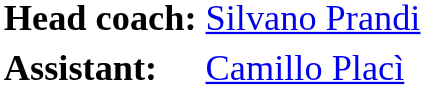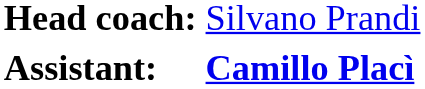 <table>
 <tr>
 <td><strong>Head coach:</strong></td>
 <td><a href='#'>Silvano Prandi</a></td>
 </tr>
 <tr>
 <td><strong>Assistant:</strong></td>
-<td><a href='#'>Camillo Placì</a></td>
+<td><strong><a href='#'>Camillo Placì</a></strong></td>
 </tr>
 </table>
